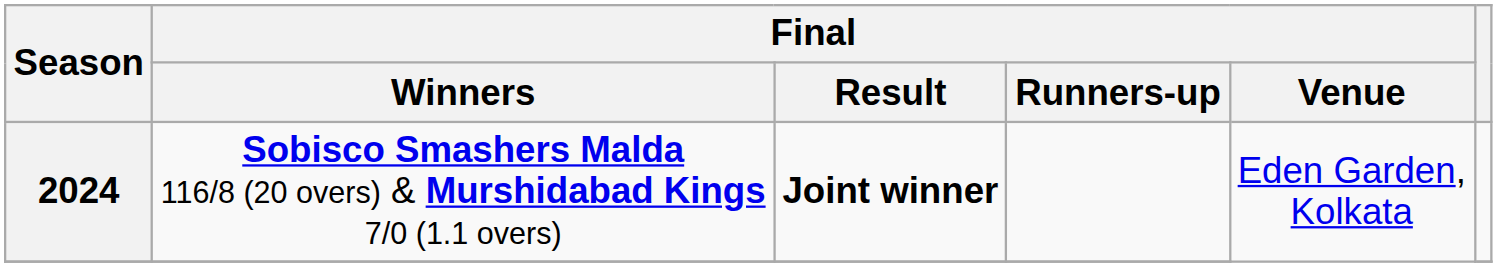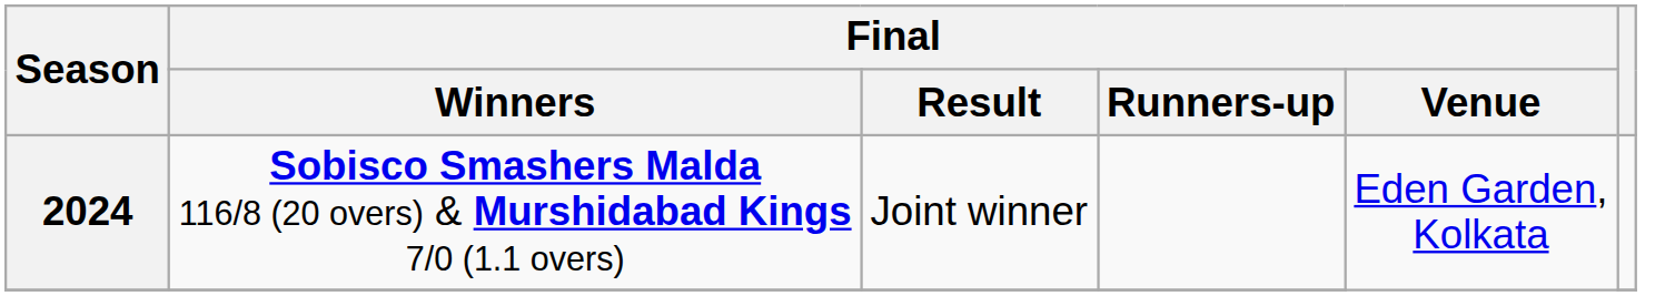 <table class="wikitable" style="text-align:center">
 <tr>
 <th rowspan=2>Season</th>
 <th colspan=4>Final</th>
 <th rowspan=2></th>
 </tr>
 <tr>
 <th>Winners</th>
 <th>Result</th>
 <th>Runners-up</th>
 <th>Venue</th>
 </tr>
 <tr>
 <th>2024</th>
 <td><strong><a href='#'>Sobisco Smashers Malda</a></strong><br> <small>116/8 (20 overs)</small> & <strong><a href='#'>Murshidabad Kings</a></strong><br> <small>7/0 (1.1 overs)</small></td>
-<td><strong>Joint winner </strong></td>
+<td>Joint winner </td>
 <td></td>
 <td rowspan=2><a href='#'>Eden Garden</a>,<br><a href='#'>Kolkata</a></td>
 <td></td>
 </tr>
 <tr>
 </tr>
 </table>
